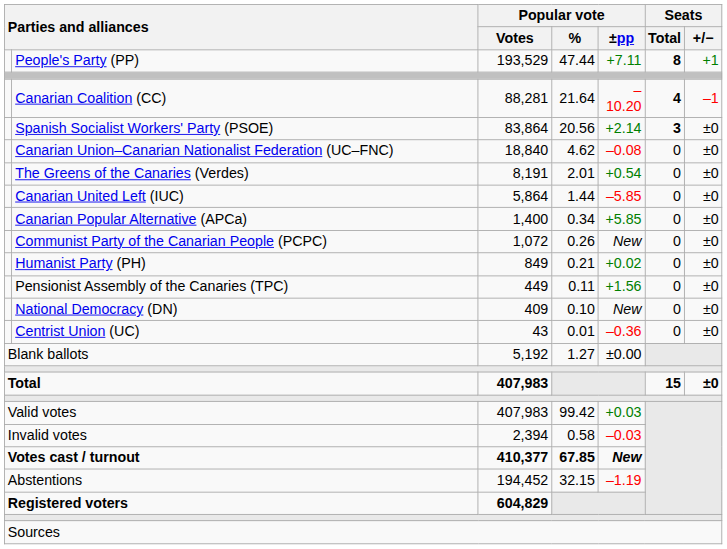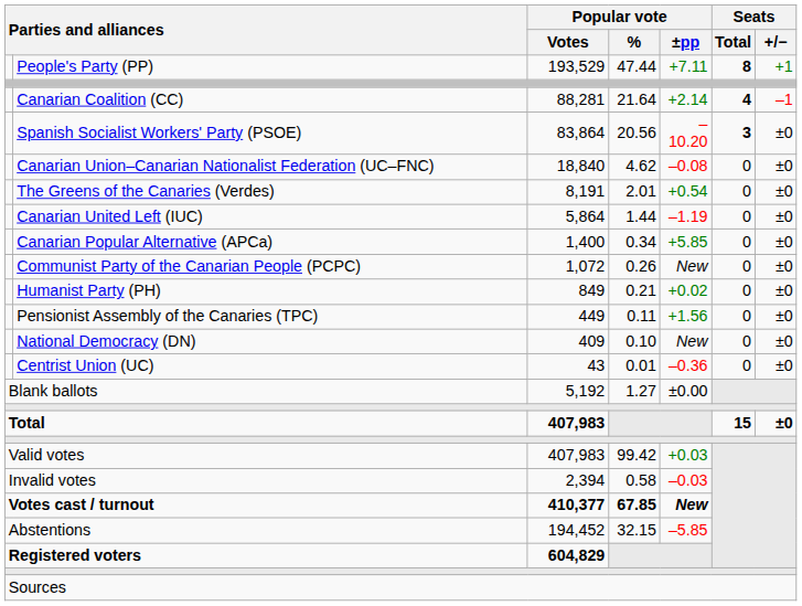 <table class="wikitable" style="text-align:right;">
 <tr>
 <th style="text-align:left;" rowspan="2" colspan="2" width="525">Parties and alliances</th>
 <th colspan="3">Popular vote</th>
 <th colspan="2">Seats</th>
 </tr>
 <tr>
 <th width="75">Votes</th>
 <th width="45">%</th>
 <th width="45">±<a href='#'>pp</a></th>
 <th width="35">Total</th>
 <th width="35">+/−</th>
 </tr>
 <tr>
 <td width="1" style="color:inherit;background:"></td>
 <td align="left"><a href='#'>People's Party</a> (PP)</td>
 <td>193,529</td>
 <td>47.44</td>
 <td style="color:green;">+7.11</td>
 <td><strong>8</strong></td>
 <td style="color:green;">+1</td>
 </tr>
 <tr>
 <td colspan="7" bgcolor="#C0C0C0"></td>
 </tr>
 <tr>
 <td style="color:inherit;background:"></td>
 <td align="left"><a href='#'>Canarian Coalition</a> (CC)</td>
 <td>88,281</td>
 <td>21.64</td>
-<td style="color:red;">–10.20</td>
+<td style="color:green;">+2.14</td>
 <td><strong>4</strong></td>
 <td style="color:red;">–1</td>
 </tr>
 <tr>
 <td style="color:inherit;background:"></td>
 <td align="left"><a href='#'>Spanish Socialist Workers' Party</a> (PSOE)</td>
 <td>83,864</td>
 <td>20.56</td>
-<td style="color:green;">+2.14</td>
+<td style="color:red;">–10.20</td>
 <td><strong>3</strong></td>
 <td>±0</td>
 </tr>
 <tr>
 <td style="color:inherit;background:"></td>
 <td align="left"><a href='#'>Canarian Union–Canarian Nationalist Federation</a> (UC–FNC)</td>
 <td>18,840</td>
 <td>4.62</td>
 <td style="color:red;">–0.08</td>
 <td>0</td>
 <td>±0</td>
 </tr>
 <tr>
 <td style="color:inherit;background:"></td>
 <td align="left"><a href='#'>The Greens of the Canaries</a> (Verdes)</td>
 <td>8,191</td>
 <td>2.01</td>
 <td style="color:green;">+0.54</td>
 <td>0</td>
 <td>±0</td>
 </tr>
 <tr>
 <td style="color:inherit;background:"></td>
 <td align="left"><a href='#'>Canarian United Left</a> (IUC)</td>
 <td>5,864</td>
 <td>1.44</td>
-<td style="color:red;">–5.85</td>
+<td style="color:red;">–1.19</td>
 <td>0</td>
 <td>±0</td>
 </tr>
 <tr>
 <td style="color:inherit;background:"></td>
 <td align="left"><a href='#'>Canarian Popular Alternative</a> (APCa)</td>
 <td>1,400</td>
 <td>0.34</td>
 <td style="color:green;">+5.85</td>
 <td>0</td>
 <td>±0</td>
 </tr>
 <tr>
 <td style="color:inherit;background:"></td>
 <td align="left"><a href='#'>Communist Party of the Canarian People</a> (PCPC)</td>
 <td>1,072</td>
 <td>0.26</td>
 <td><em>New</em></td>
 <td>0</td>
 <td>±0</td>
 </tr>
 <tr>
 <td style="color:inherit;background:"></td>
 <td align="left"><a href='#'>Humanist Party</a> (PH)</td>
 <td>849</td>
 <td>0.21</td>
 <td style="color:green;">+0.02</td>
 <td>0</td>
 <td>±0</td>
 </tr>
 <tr>
 <td style="color:inherit;background:"></td>
 <td align="left">Pensionist Assembly of the Canaries (TPC)</td>
 <td>449</td>
 <td>0.11</td>
 <td style="color:green;">+1.56</td>
 <td>0</td>
 <td>±0</td>
 </tr>
 <tr>
 <td style="color:inherit;background:"></td>
 <td align="left"><a href='#'>National Democracy</a> (DN)</td>
 <td>409</td>
 <td>0.10</td>
 <td><em>New</em></td>
 <td>0</td>
 <td>±0</td>
 </tr>
 <tr>
 <td style="color:inherit;background:"></td>
 <td align="left"><a href='#'>Centrist Union</a> (UC)</td>
 <td>43</td>
 <td>0.01</td>
 <td style="color:red;">–0.36</td>
 <td>0</td>
 <td>±0</td>
 </tr>
 <tr>
 <td align="left" colspan="2">Blank ballots</td>
 <td>5,192</td>
 <td>1.27</td>
 <td>±0.00</td>
 <td bgcolor="#E9E9E9" colspan="2"></td>
 </tr>
 <tr>
 <td colspan="7" bgcolor="#E9E9E9"></td>
 </tr>
 <tr style="font-weight:bold;">
 <td align="left" colspan="2">Total</td>
 <td>407,983</td>
 <td bgcolor="#E9E9E9" colspan="2"></td>
 <td>15</td>
 <td>±0</td>
 </tr>
 <tr>
 <td colspan="7" bgcolor="#E9E9E9"></td>
 </tr>
 <tr>
 <td align="left" colspan="2">Valid votes</td>
 <td>407,983</td>
 <td>99.42</td>
 <td style="color:green;">+0.03</td>
 <td bgcolor="#E9E9E9" colspan="2" rowspan="5"></td>
 </tr>
 <tr>
 <td align="left" colspan="2">Invalid votes</td>
 <td>2,394</td>
 <td>0.58</td>
 <td style="color:red;">–0.03</td>
 </tr>
 <tr style="font-weight:bold;">
 <td align="left" colspan="2">Votes cast / turnout</td>
 <td>410,377</td>
 <td>67.85</td>
 <td><em>New</em></td>
 </tr>
 <tr>
 <td align="left" colspan="2">Abstentions</td>
 <td>194,452</td>
 <td>32.15</td>
-<td style="color:red;">–1.19</td>
+<td style="color:red;">–5.85</td>
 </tr>
 <tr style="font-weight:bold;">
 <td align="left" colspan="2">Registered voters</td>
 <td>604,829</td>
 <td bgcolor="#E9E9E9" colspan="2"></td>
 </tr>
 <tr>
 <td colspan="7" bgcolor="#E9E9E9"></td>
 </tr>
 <tr>
 <td align="left" colspan="7">Sources</td>
 </tr>
 </table>
